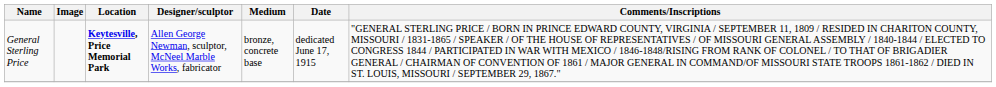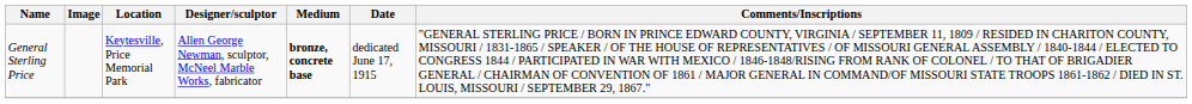 <table class="wikitable sortable">
 <tr>
 <th>Name</th>
 <th>Image</th>
 <th>Location</th>
 <th>Designer/sculptor</th>
 <th>Medium</th>
 <th>Date</th>
 <th>Comments/Inscriptions</th>
 </tr>
 <tr>
 <td><em>General Sterling Price</em></td>
 <td></td>
-<td><strong><a href='#'>Keytesville</a>,<br>Price Memorial Park</strong></td>
+<td><a href='#'>Keytesville</a>,<br>Price Memorial Park</td>
 <td><a href='#'>Allen George Newman</a>, sculptor,<br><a href='#'>McNeel Marble Works</a>, fabricator</td>
-<td>bronze, concrete base</td>
+<td><strong>bronze, concrete base</strong></td>
 <td>dedicated June 17, 1915</td>
 <td>"GENERAL STERLING PRICE / BORN IN PRINCE EDWARD COUNTY, VIRGINIA / SEPTEMBER 11, 1809 / RESIDED IN CHARITON COUNTY, MISSOURI / 1831-1865 / SPEAKER / OF THE HOUSE OF REPRESENTATIVES / OF MISSOURI GENERAL ASSEMBLY / 1840-1844 / ELECTED TO CONGRESS 1844 / PARTICIPATED IN WAR WITH MEXICO / 1846-1848/RISING FROM RANK OF COLONEL / TO THAT OF BRIGADIER GENERAL / CHAIRMAN OF CONVENTION OF 1861 / MAJOR GENERAL IN COMMAND/OF MISSOURI STATE TROOPS 1861-1862 / DIED IN ST. LOUIS, MISSOURI / SEPTEMBER 29, 1867."</td>
 </tr>
 <tr>
 </tr>
 </table>
